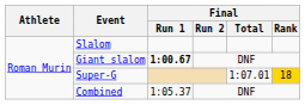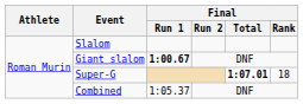 <table class="wikitable">
 <tr>
 <th rowspan="2">Athlete</th>
 <th rowspan="2">Event</th>
 <th colspan="4">Final</th>
 </tr>
 <tr>
 <th>Run 1</th>
 <th>Run 2</th>
 <th>Total</th>
 <th>Rank</th>
 </tr>
 <tr>
 <td rowspan=4><a href='#'>Roman Murin</a></td>
 <td><a href='#'>Slalom</a></td>
 <td align="center"></td>
 <td align="center"></td>
 <td align="center"></td>
 <td align="center"></td>
 </tr>
 <tr>
 <td><a href='#'>Giant slalom</a></td>
 <td align="center"><strong>1:00.67</strong></td>
 <td align="center" colspan=3>DNF</td>
 </tr>
 <tr>
 <td><a href='#'>Super-G</a></td>
 <td colspan=2 bgcolor="wheat"></td>
-<td align="center">1:07.01</td>
-<td align="center" style="background: gold;">18</td>
+<td align="center"><strong>1:07.01</strong></td>
+<td align="center">18</td>
 </tr>
 <tr>
 <td><a href='#'>Combined</a></td>
 <td align="center">1:05.37</td>
 <td align="center" colspan=3>DNF</td>
 </tr>
 </table>
